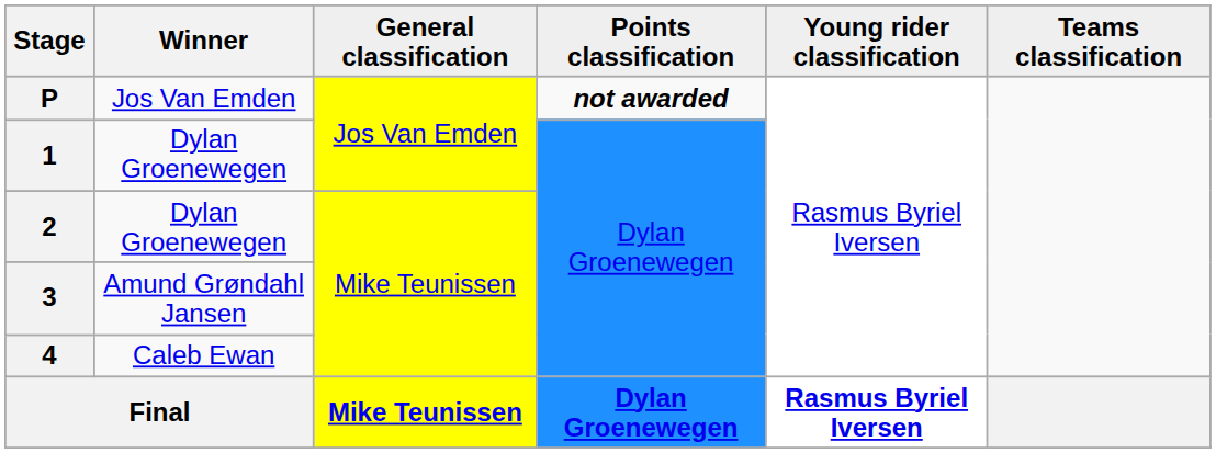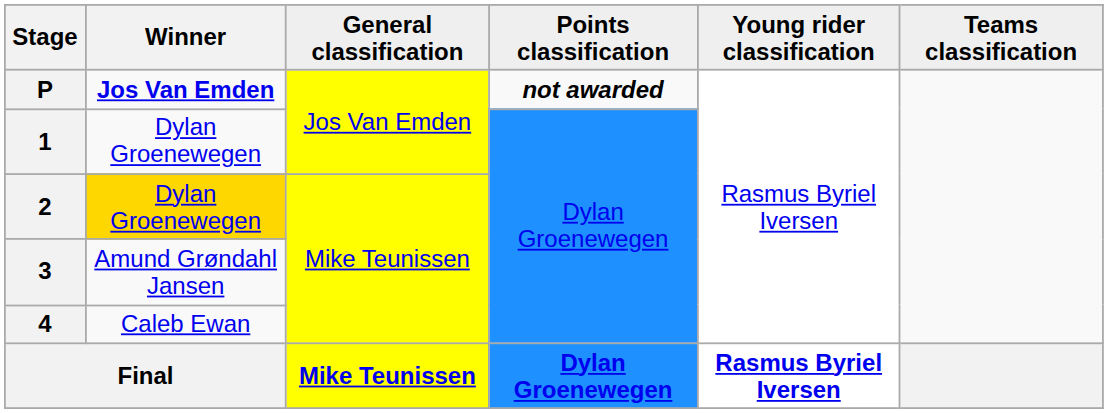 <table class="wikitable" style="text-align: center; font-size:smaller;">
 <tr style="background:#efefef;">
 <th style="width:1%;">Stage</th>
 <th style="width:11%;">Winner</th>
 <th style="background:#efefef; width:11%;">General classification<br></th>
 <th style="background:#efefef; width:11%;">Points classification<br></th>
 <th style="background:#efefef; width:11%;">Young rider classification<br></th>
 <th style="background:#efefef; width:11%;">Teams classification<br></th>
 </tr>
 <tr>
 <th>P</th>
-<td><a href='#'>Jos Van Emden</a></td>
+<td><strong><a href='#'>Jos Van Emden</a></strong></td>
 <td style="background:yellow;" rowspan="2"><a href='#'>Jos Van Emden</a></td>
 <td><strong><em>not awarded</em></strong></td>
 <td style="background:white;" rowspan="5"><a href='#'>Rasmus Byriel Iversen</a></td>
 <td rowspan="5"></td>
 </tr>
 <tr>
 <th>1</th>
 <td><a href='#'>Dylan Groenewegen</a></td>
 <td style="background:DodgerBlue;" rowspan="4"><a href='#'>Dylan Groenewegen</a></td>
 </tr>
 <tr>
 <th>2</th>
-<td><a href='#'>Dylan Groenewegen</a></td>
+<td style="background: gold;"><a href='#'>Dylan Groenewegen</a></td>
 <td style="background:yellow;" rowspan="3"><a href='#'>Mike Teunissen</a></td>
 </tr>
 <tr>
 <th>3</th>
 <td><a href='#'>Amund Grøndahl Jansen</a></td>
 </tr>
 <tr>
 <th>4</th>
 <td><a href='#'>Caleb Ewan</a></td>
 </tr>
 <tr>
 <th colspan=2><strong>Final</strong></th>
 <th style="background:yellow;"><a href='#'>Mike Teunissen</a></th>
 <th style="background:DodgerBlue;"><a href='#'>Dylan Groenewegen</a></th>
 <th style="background:white;"><a href='#'>Rasmus Byriel Iversen</a></th>
 <th style="background:offwhite;"></th>
 </tr>
 </table>
